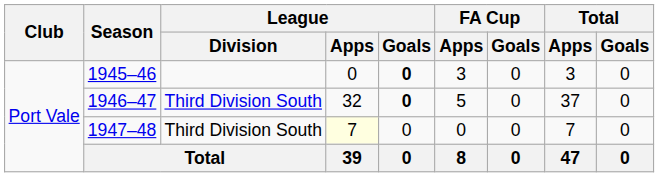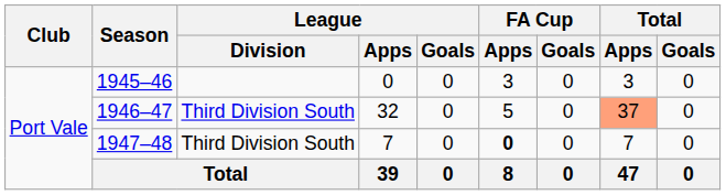 <table class="wikitable" style="text-align: center;">
 <tr>
 <th rowspan="2">Club</th>
 <th rowspan="2">Season</th>
 <th colspan="3">League</th>
 <th colspan="2">FA Cup</th>
 <th colspan="2">Total</th>
 </tr>
 <tr>
 <th>Division</th>
 <th>Apps</th>
 <th>Goals</th>
 <th>Apps</th>
 <th>Goals</th>
 <th>Apps</th>
 <th>Goals</th>
 </tr>
 <tr>
 <td rowspan="4"><a href='#'>Port Vale</a></td>
 <td><a href='#'>1945–46</a></td>
 <td></td>
 <td>0</td>
-<td><strong>0</strong></td>
+<td>0</td>
 <td>3</td>
 <td>0</td>
 <td>3</td>
 <td>0</td>
 </tr>
 <tr>
 <td><a href='#'>1946–47</a></td>
 <td><a href='#'>Third Division South</a></td>
 <td>32</td>
-<td><strong>0</strong></td>
+<td>0</td>
 <td>5</td>
 <td>0</td>
-<td>37</td>
+<td style="background: lightsalmon;">37</td>
 <td>0</td>
 </tr>
 <tr>
 <td><a href='#'>1947–48</a></td>
 <td>Third Division South</td>
-<td style="background: lightyellow;">7</td>
+<td>7</td>
 <td>0</td>
-<td>0</td>
+<td><strong>0</strong></td>
 <td>0</td>
 <td>7</td>
 <td>0</td>
 </tr>
 <tr>
 <th colspan="2">Total</th>
 <th>39</th>
 <th>0</th>
 <th>8</th>
 <th>0</th>
 <th>47</th>
 <th>0</th>
 </tr>
 </table>
